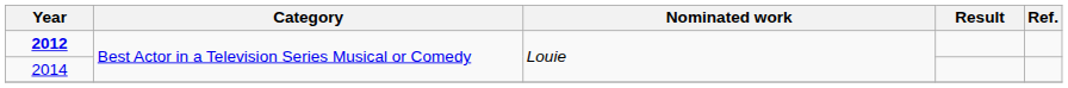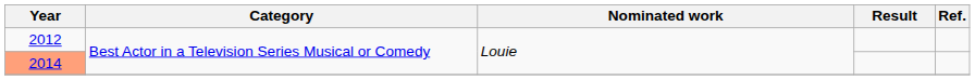 <table class=wikitable>
 <tr>
 <th scope="col" style="width:5em;">Year</th>
 <th scope="col" style="width:26em;">Category</th>
 <th scope="col" style="width:25em;">Nominated work</th>
 <th scope="col" style="width:5em;">Result</th>
 <th>Ref.</th>
 </tr>
 <tr>
-<td style="text-align:center;"><strong><a href='#'>2012</a></strong></td>
+<td style="text-align:center;"><a href='#'>2012</a></td>
 <td rowspan=2><a href='#'>Best Actor in a Television Series Musical or Comedy</a></td>
 <td rowspan=2><em>Louie</em></td>
 <td></td>
 <td style="text-align: center;"></td>
 </tr>
 <tr>
-<td style="text-align:center;"><a href='#'>2014</a></td>
+<td style="background: lightsalmon; text-align:center;"><a href='#'>2014</a></td>
 <td></td>
 <td style="text-align: center;"></td>
 </tr>
 <tr>
 </tr>
 </table>
